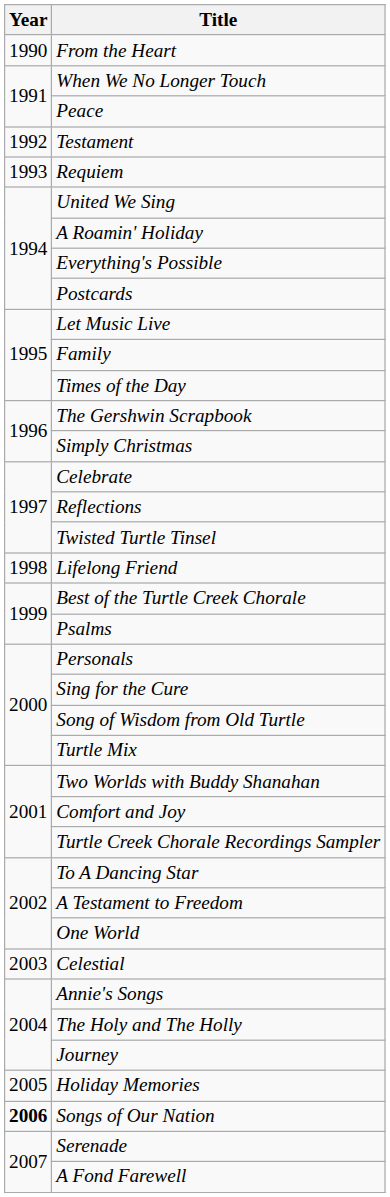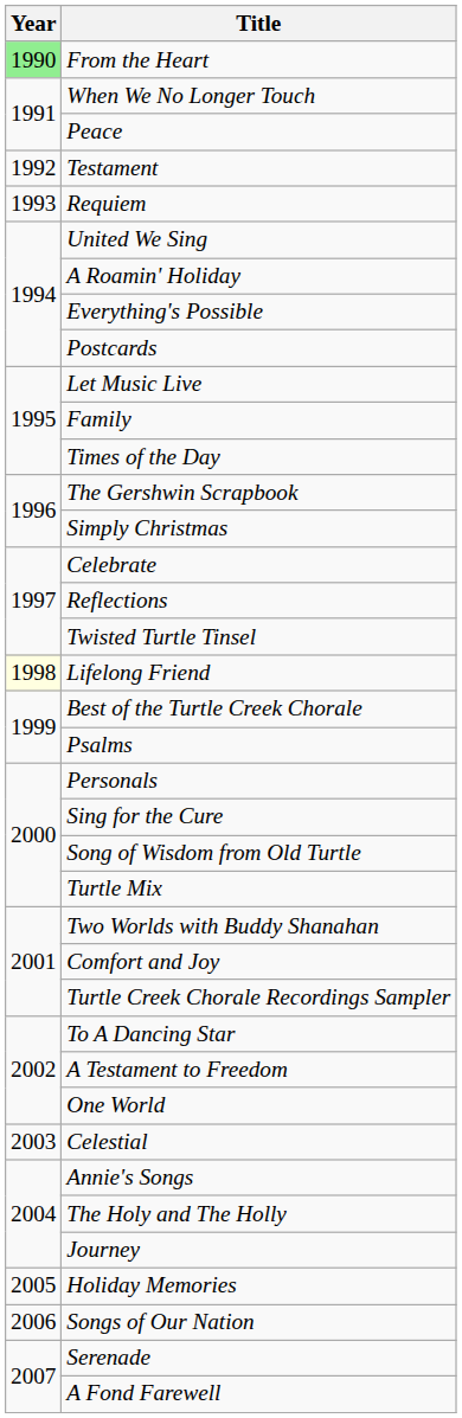 <table class="wikitable sortable">
 <tr>
 <th>Year</th>
 <th>Title</th>
 </tr>
 <tr>
-<td>1990</td>
+<td style="background: lightgreen;">1990</td>
 <td><em>From the Heart</em></td>
 </tr>
 <tr>
 <td rowspan=2>1991</td>
 <td><em>When We No Longer Touch</em></td>
 </tr>
 <tr>
 <td><em>Peace</em></td>
 </tr>
 <tr>
 <td>1992</td>
 <td><em>Testament</em></td>
 </tr>
 <tr>
 <td>1993</td>
 <td><em>Requiem</em></td>
 </tr>
 <tr>
 <td rowspan=4>1994</td>
 <td><em>United We Sing</em></td>
 </tr>
 <tr>
 <td><em>A Roamin' Holiday</em></td>
 </tr>
 <tr>
 <td><em>Everything's Possible</em></td>
 </tr>
 <tr>
 <td><em>Postcards</em></td>
 </tr>
 <tr>
 <td rowspan=3>1995</td>
 <td><em>Let Music Live</em></td>
 </tr>
 <tr>
 <td><em>Family</em></td>
 </tr>
 <tr>
 <td><em>Times of the Day</em></td>
 </tr>
 <tr>
 <td rowspan=2>1996</td>
 <td><em>The Gershwin Scrapbook</em></td>
 </tr>
 <tr>
 <td><em>Simply Christmas</em></td>
 </tr>
 <tr>
 <td rowspan=3>1997</td>
 <td><em>Celebrate</em></td>
 </tr>
 <tr>
 <td><em>Reflections</em></td>
 </tr>
 <tr>
 <td><em>Twisted Turtle Tinsel</em></td>
 </tr>
 <tr>
-<td>1998</td>
+<td style="background: lightyellow;">1998</td>
 <td><em>Lifelong Friend</em></td>
 </tr>
 <tr>
 <td rowspan=2>1999</td>
 <td><em>Best of the Turtle Creek Chorale</em></td>
 </tr>
 <tr>
 <td><em>Psalms</em></td>
 </tr>
 <tr>
 <td rowspan=4>2000</td>
 <td><em>Personals</em></td>
 </tr>
 <tr>
 <td><em>Sing for the Cure</em></td>
 </tr>
 <tr>
 <td><em>Song of Wisdom from Old Turtle</em></td>
 </tr>
 <tr>
 <td><em>Turtle Mix</em></td>
 </tr>
 <tr>
 <td rowspan=3>2001</td>
 <td><em>Two Worlds with Buddy Shanahan</em></td>
 </tr>
 <tr>
 <td><em>Comfort and Joy</em></td>
 </tr>
 <tr>
 <td><em>Turtle Creek Chorale Recordings Sampler</em></td>
 </tr>
 <tr>
 <td rowspan=3>2002</td>
 <td><em>To A Dancing Star</em></td>
 </tr>
 <tr>
 <td><em>A Testament to Freedom</em></td>
 </tr>
 <tr>
 <td><em>One World</em></td>
 </tr>
 <tr>
 <td>2003</td>
 <td><em>Celestial</em></td>
 </tr>
 <tr>
 <td rowspan=3>2004</td>
 <td><em>Annie's Songs</em></td>
 </tr>
 <tr>
 <td><em>The Holy and The Holly</em></td>
 </tr>
 <tr>
 <td><em>Journey</em></td>
 </tr>
 <tr>
 <td>2005</td>
 <td><em>Holiday Memories</em></td>
 </tr>
 <tr>
-<td><strong>2006</strong></td>
+<td>2006</td>
 <td><em>Songs of Our Nation</em></td>
 </tr>
 <tr>
 <td rowspan=2>2007</td>
 <td><em>Serenade</em></td>
 </tr>
 <tr>
 <td><em>A Fond Farewell</em></td>
 </tr>
 </table>
